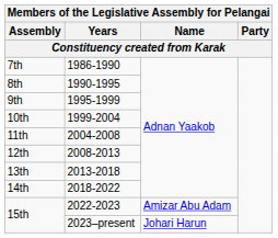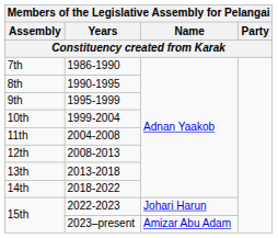 <table class="wikitable">
 <tr>
 <th colspan="4">Members of the Legislative Assembly for Pelangai</th>
 </tr>
 <tr>
 <th>Assembly</th>
 <th>Years</th>
 <th>Name</th>
 <th>Party</th>
 </tr>
 <tr>
 <th colspan="4"><em>Constituency created from Karak</em></th>
 </tr>
 <tr>
 <td>7th</td>
 <td>1986-1990</td>
 <td rowspan="8"><a href='#'>Adnan Yaakob</a></td>
 <td rowspan="10"></td>
 </tr>
 <tr>
 <td>8th</td>
 <td>1990-1995</td>
 </tr>
 <tr>
 <td>9th</td>
 <td>1995-1999</td>
 </tr>
 <tr>
 <td>10th</td>
 <td>1999-2004</td>
 </tr>
 <tr>
 <td>11th</td>
 <td>2004-2008</td>
 </tr>
 <tr>
 <td>12th</td>
 <td>2008-2013</td>
 </tr>
 <tr>
 <td>13th</td>
 <td>2013-2018</td>
 </tr>
 <tr>
 <td>14th</td>
 <td>2018-2022</td>
 </tr>
 <tr>
 <td rowspan="2">15th</td>
 <td>2022-2023</td>
-<td><a href='#'>Amizar Abu Adam</a></td>
+<td><a href='#'>Johari Harun</a></td>
 </tr>
 <tr>
 <td>2023–present</td>
-<td><a href='#'>Johari Harun</a></td>
+<td><a href='#'>Amizar Abu Adam</a></td>
 </tr>
 </table>
